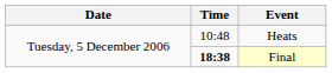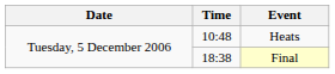 <table class = "wikitable" style="text-align:center;">
 <tr>
 <th width=220>Date</th>
 <th width=50>Time</th>
 <th width=100>Event</th>
 </tr>
 <tr>
 <td rowspan=2>Tuesday, 5 December 2006</td>
 <td>10:48</td>
 <td>Heats</td>
 </tr>
 <tr>
-<td><strong>18:38</strong></td>
+<td>18:38</td>
 <td bgcolor=ffffcc>Final</td>
 </tr>
 </table>
